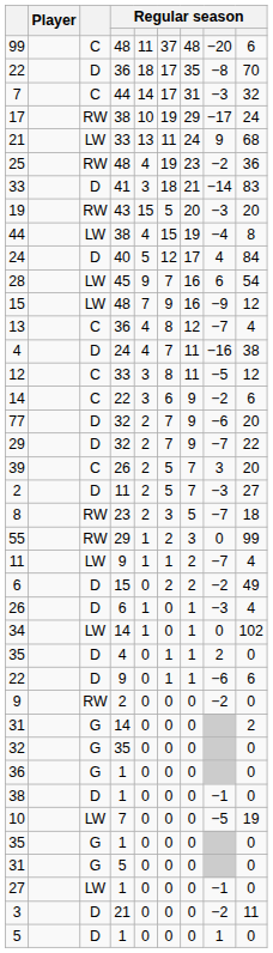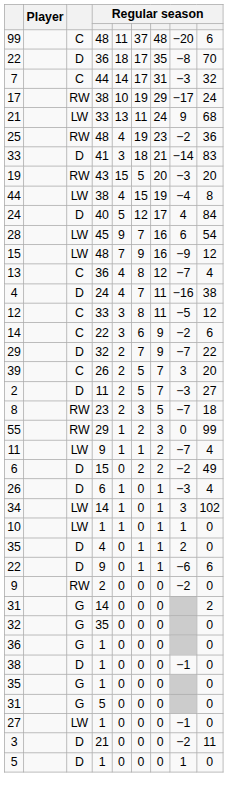 <table class="wikitable sortable plainrowheaders" style="text-align:center;">
 <tr>
 <th scope="col" data-sort-type="number" rowspan="2"></th>
 <th scope="col" rowspan="2">Player</th>
 <th scope="col" rowspan="2"></th>
 <th scope=colgroup colspan=6>Regular season</th>
 </tr>
 <tr>
 <th scope="col" data-sort-type="number"></th>
 <th scope="col" data-sort-type="number"></th>
 <th scope="col" data-sort-type="number"></th>
 <th scope="col" data-sort-type="number"></th>
 <th scope="col" data-sort-type="number"></th>
 <th scope="col" data-sort-type="number"></th>
 </tr>
 <tr>
 <td scope="row">99</td>
 <td align="left"></td>
 <td>C</td>
 <td>48</td>
 <td>11</td>
 <td>37</td>
 <td>48</td>
 <td>−20</td>
 <td>6</td>
 </tr>
 <tr>
 <td scope="row">22</td>
 <td align="left"></td>
 <td>D</td>
 <td>36</td>
 <td>18</td>
 <td>17</td>
 <td>35</td>
 <td>−8</td>
 <td>70</td>
 </tr>
 <tr>
 <td scope="row">7</td>
 <td align="left"></td>
 <td>C</td>
 <td>44</td>
 <td>14</td>
 <td>17</td>
 <td>31</td>
 <td>−3</td>
 <td>32</td>
 </tr>
 <tr>
 <td scope="row">17</td>
 <td align="left"></td>
 <td>RW</td>
 <td>38</td>
 <td>10</td>
 <td>19</td>
 <td>29</td>
 <td>−17</td>
 <td>24</td>
 </tr>
 <tr>
 <td scope="row">21</td>
 <td align="left"></td>
 <td>LW</td>
 <td>33</td>
 <td>13</td>
 <td>11</td>
 <td>24</td>
 <td>9</td>
 <td>68</td>
 </tr>
 <tr>
 <td scope="row">25</td>
 <td align="left"></td>
 <td>RW</td>
 <td>48</td>
 <td>4</td>
 <td>19</td>
 <td>23</td>
 <td>−2</td>
 <td>36</td>
 </tr>
 <tr>
 <td scope="row">33</td>
 <td align="left"></td>
 <td>D</td>
 <td>41</td>
 <td>3</td>
 <td>18</td>
 <td>21</td>
 <td>−14</td>
 <td>83</td>
 </tr>
 <tr>
 <td scope="row">19</td>
 <td align="left"></td>
 <td>RW</td>
 <td>43</td>
 <td>15</td>
 <td>5</td>
 <td>20</td>
 <td>−3</td>
 <td>20</td>
 </tr>
 <tr>
 <td scope="row">44</td>
 <td align="left"></td>
 <td>LW</td>
 <td>38</td>
 <td>4</td>
 <td>15</td>
 <td>19</td>
 <td>−4</td>
 <td>8</td>
 </tr>
 <tr>
 <td scope="row">24</td>
 <td align="left"></td>
 <td>D</td>
 <td>40</td>
 <td>5</td>
 <td>12</td>
 <td>17</td>
 <td>4</td>
 <td>84</td>
 </tr>
 <tr>
 <td scope="row">28</td>
 <td align="left"></td>
 <td>LW</td>
 <td>45</td>
 <td>9</td>
 <td>7</td>
 <td>16</td>
 <td>6</td>
 <td>54</td>
 </tr>
 <tr>
 <td scope="row">15</td>
 <td align="left"></td>
 <td>LW</td>
 <td>48</td>
 <td>7</td>
 <td>9</td>
 <td>16</td>
 <td>−9</td>
 <td>12</td>
 </tr>
 <tr>
 <td scope="row">13</td>
 <td align="left"></td>
 <td>C</td>
 <td>36</td>
 <td>4</td>
 <td>8</td>
 <td>12</td>
 <td>−7</td>
 <td>4</td>
 </tr>
 <tr>
 <td scope="row">4</td>
 <td align="left"></td>
 <td>D</td>
 <td>24</td>
 <td>4</td>
 <td>7</td>
 <td>11</td>
 <td>−16</td>
 <td>38</td>
 </tr>
 <tr>
 <td scope="row">12</td>
 <td align="left"></td>
 <td>C</td>
 <td>33</td>
 <td>3</td>
 <td>8</td>
 <td>11</td>
 <td>−5</td>
 <td>12</td>
 </tr>
 <tr>
 <td scope="row">14</td>
 <td align="left"></td>
 <td>C</td>
 <td>22</td>
 <td>3</td>
 <td>6</td>
 <td>9</td>
 <td>−2</td>
 <td>6</td>
 </tr>
 <tr>
-<td scope="row">77</td>
-<td align="left"></td>
-<td>D</td>
-<td>32</td>
-<td>2</td>
-<td>7</td>
-<td>9</td>
-<td>−6</td>
-<td>20</td>
-</tr>
-<tr>
 <td scope="row">29</td>
 <td align="left"></td>
 <td>D</td>
 <td>32</td>
 <td>2</td>
 <td>7</td>
 <td>9</td>
 <td>−7</td>
 <td>22</td>
 </tr>
 <tr>
 <td scope="row">39</td>
 <td align="left"></td>
 <td>C</td>
 <td>26</td>
 <td>2</td>
 <td>5</td>
 <td>7</td>
 <td>3</td>
 <td>20</td>
 </tr>
 <tr>
 <td scope="row">2</td>
 <td align="left"></td>
 <td>D</td>
 <td>11</td>
 <td>2</td>
 <td>5</td>
 <td>7</td>
 <td>−3</td>
 <td>27</td>
 </tr>
 <tr>
 <td scope="row">8</td>
 <td align="left"></td>
 <td>RW</td>
 <td>23</td>
 <td>2</td>
 <td>3</td>
 <td>5</td>
 <td>−7</td>
 <td>18</td>
 </tr>
 <tr>
 <td scope="row">55</td>
 <td align="left"></td>
 <td>RW</td>
 <td>29</td>
 <td>1</td>
 <td>2</td>
 <td>3</td>
 <td>0</td>
 <td>99</td>
 </tr>
 <tr>
 <td scope="row">11</td>
 <td align="left"></td>
 <td>LW</td>
 <td>9</td>
 <td>1</td>
 <td>1</td>
 <td>2</td>
 <td>−7</td>
 <td>4</td>
 </tr>
 <tr>
 <td scope="row">6</td>
 <td align="left"></td>
 <td>D</td>
 <td>15</td>
 <td>0</td>
 <td>2</td>
 <td>2</td>
 <td>−2</td>
 <td>49</td>
 </tr>
 <tr>
 <td scope="row">26</td>
 <td align="left"></td>
 <td>D</td>
 <td>6</td>
 <td>1</td>
 <td>0</td>
 <td>1</td>
 <td>−3</td>
 <td>4</td>
 </tr>
 <tr>
 <td scope="row">34</td>
 <td align="left"></td>
 <td>LW</td>
 <td>14</td>
 <td>1</td>
 <td>0</td>
 <td>1</td>
+<td>3</td>
+<td>102</td>
+</tr>
+<tr>
+<td scope="row">10</td>
+<td align="left"></td>
+<td>LW</td>
+<td>1</td>
+<td>1</td>
 <td>0</td>
-<td>102</td>
+<td>1</td>
+<td>1</td>
+<td>0</td>
 </tr>
 <tr>
 <td scope="row">35</td>
 <td align="left"></td>
 <td>D</td>
 <td>4</td>
 <td>0</td>
 <td>1</td>
 <td>1</td>
 <td>2</td>
 <td>0</td>
 </tr>
 <tr>
 <td scope="row">22</td>
 <td align="left"></td>
 <td>D</td>
 <td>9</td>
 <td>0</td>
 <td>1</td>
 <td>1</td>
 <td>−6</td>
 <td>6</td>
 </tr>
 <tr>
 <td scope="row">9</td>
 <td align="left"></td>
 <td>RW</td>
 <td>2</td>
 <td>0</td>
 <td>0</td>
 <td>0</td>
 <td>−2</td>
 <td>0</td>
 </tr>
 <tr>
 <td scope="row">31</td>
 <td align="left"></td>
 <td>G</td>
 <td>14</td>
 <td>0</td>
 <td>0</td>
 <td>0</td>
 <td style="background:#ccc"></td>
 <td>2</td>
 </tr>
 <tr>
 <td scope="row">32</td>
 <td align="left"></td>
 <td>G</td>
 <td>35</td>
 <td>0</td>
 <td>0</td>
 <td>0</td>
 <td style="background:#ccc"></td>
 <td>0</td>
 </tr>
 <tr>
 <td scope="row">36</td>
 <td align="left"></td>
 <td>G</td>
 <td>1</td>
 <td>0</td>
 <td>0</td>
 <td>0</td>
 <td style="background:#ccc"></td>
 <td>0</td>
 </tr>
 <tr>
 <td scope="row">38</td>
 <td align="left"></td>
 <td>D</td>
 <td>1</td>
 <td>0</td>
 <td>0</td>
 <td>0</td>
 <td>−1</td>
 <td>0</td>
 </tr>
 <tr>
-<td scope="row">10</td>
-<td align="left"></td>
-<td>LW</td>
-<td>7</td>
-<td>0</td>
-<td>0</td>
-<td>0</td>
-<td>−5</td>
-<td>19</td>
-</tr>
-<tr>
 <td scope="row">35</td>
 <td align="left"></td>
 <td>G</td>
 <td>1</td>
 <td>0</td>
 <td>0</td>
 <td>0</td>
 <td style="background:#ccc"></td>
 <td>0</td>
 </tr>
 <tr>
 <td scope="row">31</td>
 <td align="left"></td>
 <td>G</td>
 <td>5</td>
 <td>0</td>
 <td>0</td>
 <td>0</td>
 <td style="background:#ccc"></td>
 <td>0</td>
 </tr>
 <tr>
 <td scope="row">27</td>
 <td align="left"></td>
 <td>LW</td>
 <td>1</td>
 <td>0</td>
 <td>0</td>
 <td>0</td>
 <td>−1</td>
 <td>0</td>
 </tr>
 <tr>
 <td scope="row">3</td>
 <td align="left"></td>
 <td>D</td>
 <td>21</td>
 <td>0</td>
 <td>0</td>
 <td>0</td>
 <td>−2</td>
 <td>11</td>
 </tr>
 <tr>
 <td scope="row">5</td>
 <td align="left"></td>
 <td>D</td>
 <td>1</td>
 <td>0</td>
 <td>0</td>
 <td>0</td>
 <td>1</td>
 <td>0</td>
 </tr>
 </table>
